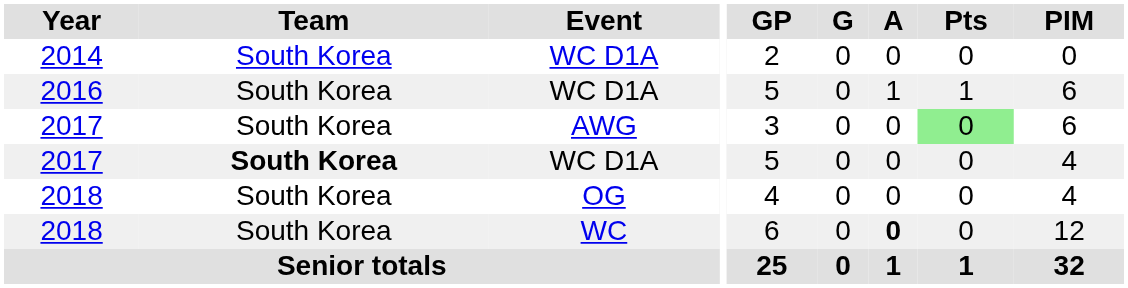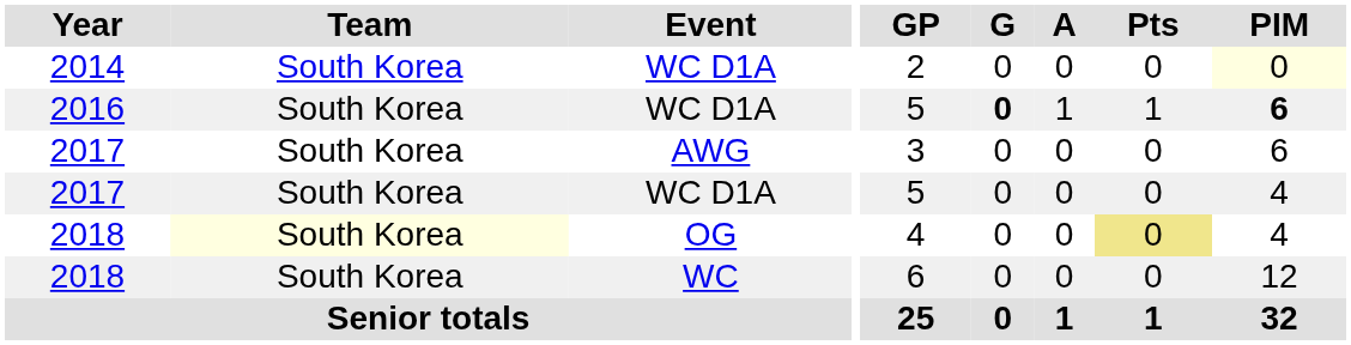 <table border="0" cellpadding="1" cellspacing="0" ID="Table3" style="text-align:center; width:40em">
 <tr ALIGN="center" bgcolor="#e0e0e0">
 <th>Year</th>
 <th>Team</th>
 <th>Event</th>
 <th rowspan="99" bgcolor="#ffffff"></th>
 <th>GP</th>
 <th>G</th>
 <th>A</th>
 <th>Pts</th>
 <th>PIM</th>
 </tr>
 <tr>
 <td><a href='#'>2014</a></td>
 <td><a href='#'>South Korea</a></td>
 <td><a href='#'>WC D1A</a></td>
 <td>2</td>
 <td>0</td>
 <td>0</td>
 <td>0</td>
-<td>0</td>
+<td style="background: lightyellow;">0</td>
 </tr>
 <tr bgcolor="#f0f0f0">
 <td><a href='#'>2016</a></td>
 <td>South Korea</td>
 <td>WC D1A</td>
 <td>5</td>
-<td>0</td>
+<td><strong>0</strong></td>
 <td>1</td>
 <td>1</td>
-<td>6</td>
+<td><strong>6</strong></td>
 </tr>
 <tr>
 <td><a href='#'>2017</a></td>
 <td>South Korea</td>
 <td><a href='#'>AWG</a></td>
 <td>3</td>
 <td>0</td>
 <td>0</td>
-<td style="background: lightgreen;">0</td>
+<td>0</td>
 <td>6</td>
 </tr>
 <tr bgcolor="#f0f0f0">
 <td><a href='#'>2017</a></td>
-<td><strong>South Korea</strong></td>
+<td>South Korea</td>
 <td>WC D1A</td>
 <td>5</td>
 <td>0</td>
 <td>0</td>
 <td>0</td>
 <td>4</td>
 </tr>
 <tr>
 <td><a href='#'>2018</a></td>
-<td>South Korea</td>
+<td style="background: lightyellow;">South Korea</td>
 <td><a href='#'>OG</a></td>
 <td>4</td>
 <td>0</td>
 <td>0</td>
-<td>0</td>
+<td style="background: khaki;">0</td>
 <td>4</td>
 </tr>
 <tr bgcolor="#f0f0f0">
 <td><a href='#'>2018</a></td>
 <td>South Korea</td>
 <td><a href='#'>WC</a></td>
 <td>6</td>
 <td>0</td>
-<td><strong>0</strong></td>
+<td>0</td>
 <td>0</td>
 <td>12</td>
 </tr>
 <tr bgcolor="#e0e0e0">
 <th colspan="3">Senior totals</th>
 <th>25</th>
 <th>0</th>
 <th>1</th>
 <th>1</th>
 <th>32</th>
 </tr>
 </table>
